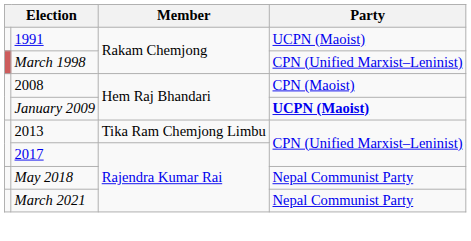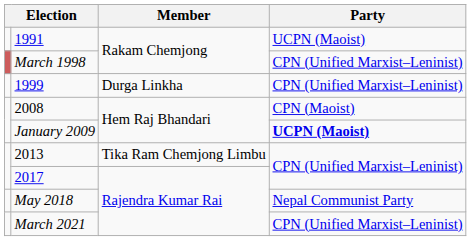 <table class="wikitable">
 <tr>
 <th colspan="2">Election</th>
 <th>Member</th>
 <th>Party</th>
 </tr>
 <tr>
 <td style="background-color:"></td>
 <td><a href='#'>1991</a></td>
 <td rowspan="2">Rakam Chemjong</td>
 <td><a href='#'>UCPN (Maoist)</a></td>
 </tr>
 <tr>
 <td style="background-color:indianred"></td>
 <td><em>March 1998</em></td>
+<td><a href='#'>CPN (Unified Marxist–Leninist)</a></td>
+</tr>
+<tr>
+<td style="background-color:"></td>
+<td><a href='#'>1999</a></td>
+<td>Durga Linkha</td>
 <td><a href='#'>CPN (Unified Marxist–Leninist)</a></td>
 </tr>
 <tr>
 <td rowspan="2" style="background-color:"></td>
 <td>2008</td>
 <td rowspan="2">Hem Raj Bhandari</td>
 <td><a href='#'>CPN (Maoist)</a></td>
 </tr>
 <tr>
 <td><em>January 2009</em></td>
 <td><strong><a href='#'>UCPN (Maoist)</a></strong></td>
 </tr>
 <tr>
 <td rowspan="2" style="background-color:"></td>
 <td>2013</td>
 <td>Tika Ram Chemjong Limbu</td>
 <td rowspan="2"><a href='#'>CPN (Unified Marxist–Leninist)</a></td>
 </tr>
 <tr>
 <td><a href='#'>2017</a></td>
 <td rowspan="3"><a href='#'>Rajendra Kumar Rai</a></td>
 </tr>
 <tr>
 <td style="background-color:"></td>
 <td><em>May 2018</em></td>
 <td><a href='#'>Nepal Communist Party</a></td>
 </tr>
 <tr>
 <td style="background-color:"></td>
 <td><em>March 2021</em></td>
-<td><a href='#'>Nepal Communist Party</a></td>
+<td><a href='#'>CPN (Unified Marxist–Leninist)</a></td>
 </tr>
 </table>
